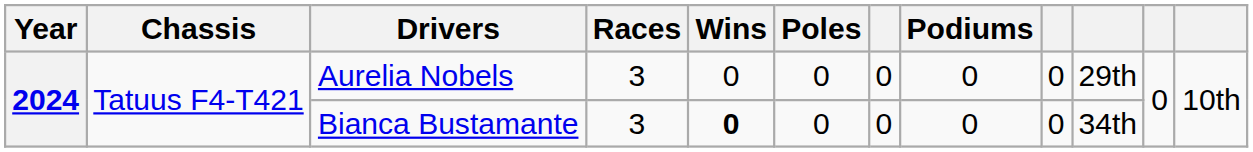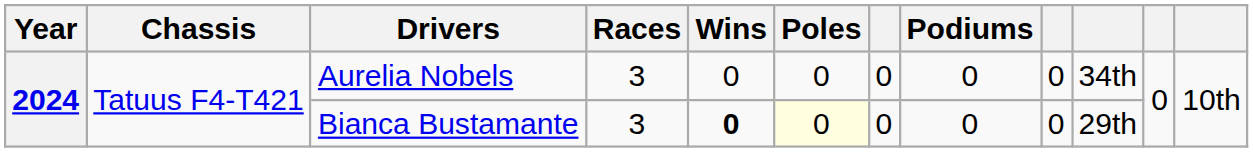 <table class="wikitable" style="text-align:center; font-size:85%">
 <tr>
 <th>Year</th>
 <th>Chassis</th>
 <th>Drivers</th>
 <th>Races</th>
 <th>Wins</th>
 <th>Poles</th>
 <th></th>
 <th>Podiums</th>
 <th></th>
 <th></th>
 <th></th>
 <th></th>
 </tr>
 <tr>
 <th rowspan="2"><a href='#'>2024</a></th>
 <td rowspan="2"><a href='#'>Tatuus F4-T421</a></td>
 <td align="left" nowrap=""> <a href='#'>Aurelia Nobels</a></td>
 <td>3</td>
 <td>0</td>
 <td>0</td>
 <td>0</td>
 <td>0</td>
 <td style="background:">0</td>
-<td style="background:">29th</td>
+<td style="background:">34th</td>
 <td rowspan="2">0</td>
 <td rowspan="2">10th</td>
 </tr>
 <tr>
 <td align="left" nowrap=""> <a href='#'>Bianca Bustamante</a></td>
 <td>3</td>
 <td><strong>0</strong></td>
-<td>0</td>
+<td style="background: lightyellow;">0</td>
 <td>0</td>
 <td>0</td>
 <td style="background:">0</td>
-<td style="background:">34th</td>
+<td style="background:">29th</td>
 </tr>
 </table>
